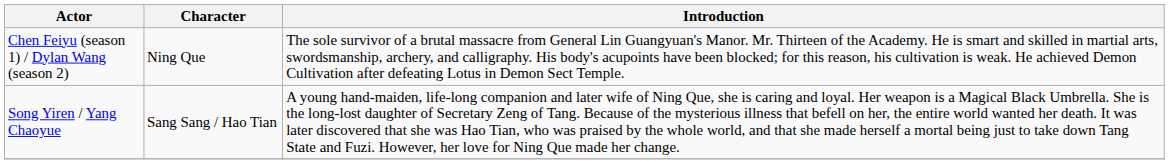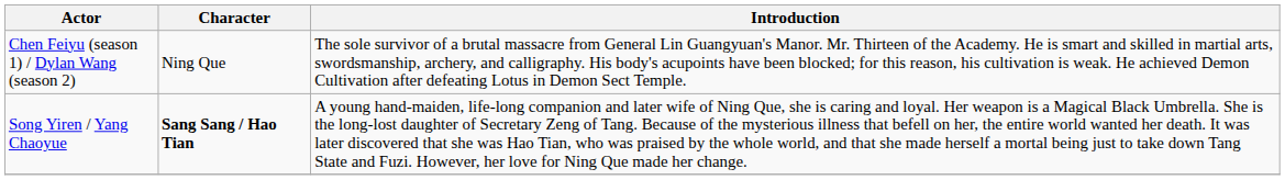 <table class="wikitable">
 <tr>
 <th style="width:12%">Actor</th>
 <th style="width:12%">Character</th>
 <th>Introduction</th>
 </tr>
 <tr>
 <td><a href='#'>Chen Feiyu</a> (season 1) / <a href='#'>Dylan Wang</a> (season 2)</td>
 <td>Ning Que</td>
 <td>The sole survivor of a brutal massacre from General Lin Guangyuan's Manor. Mr. Thirteen of the Academy. He is smart and skilled in martial arts, swordsmanship, archery, and calligraphy. His body's acupoints have been blocked; for this reason, his cultivation is weak. He achieved Demon Cultivation after defeating Lotus in Demon Sect Temple.</td>
 </tr>
 <tr>
 <td><a href='#'>Song Yiren</a> / <a href='#'>Yang Chaoyue</a></td>
-<td>Sang Sang / Hao Tian</td>
+<td><strong>Sang Sang / Hao Tian</strong></td>
 <td>A young hand-maiden, life-long companion and later wife of Ning Que, she is caring and loyal. Her weapon is a Magical Black Umbrella. She is the long-lost daughter of Secretary Zeng of Tang. Because of the mysterious illness that befell on her, the entire world wanted her death. It was later discovered that she was Hao Tian, who was praised by the whole world, and that she made herself a mortal being just to take down Tang State and Fuzi. However, her love for Ning Que made her change.</td>
 </tr>
 <tr>
 </tr>
 </table>
